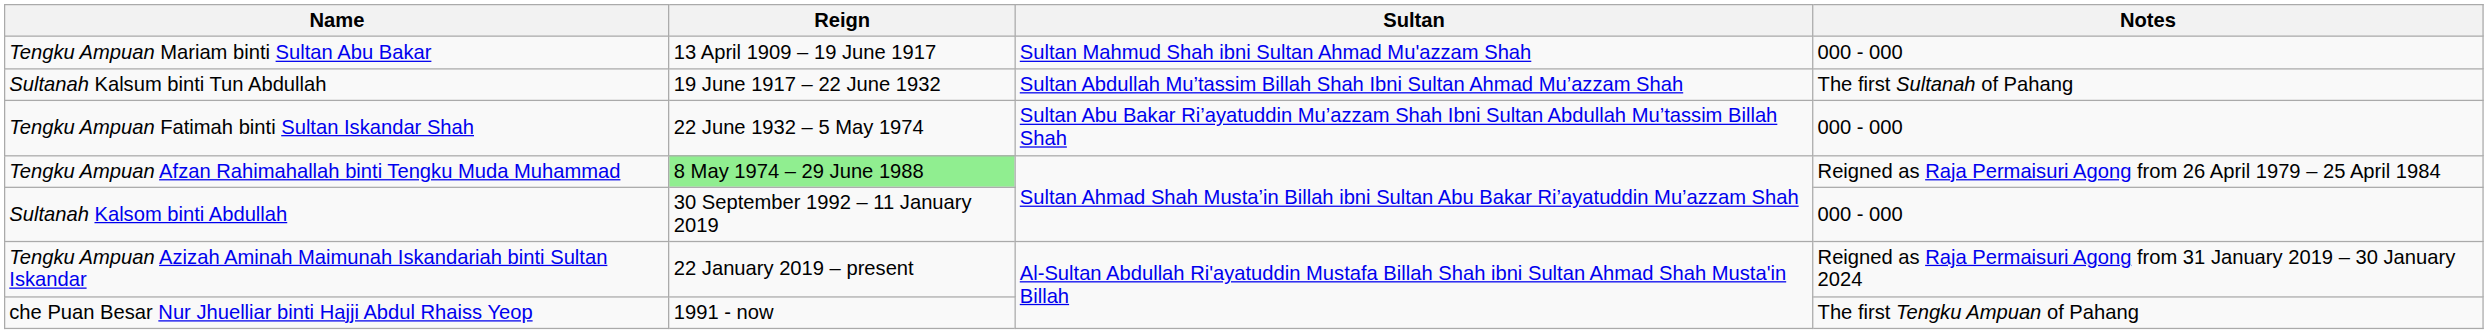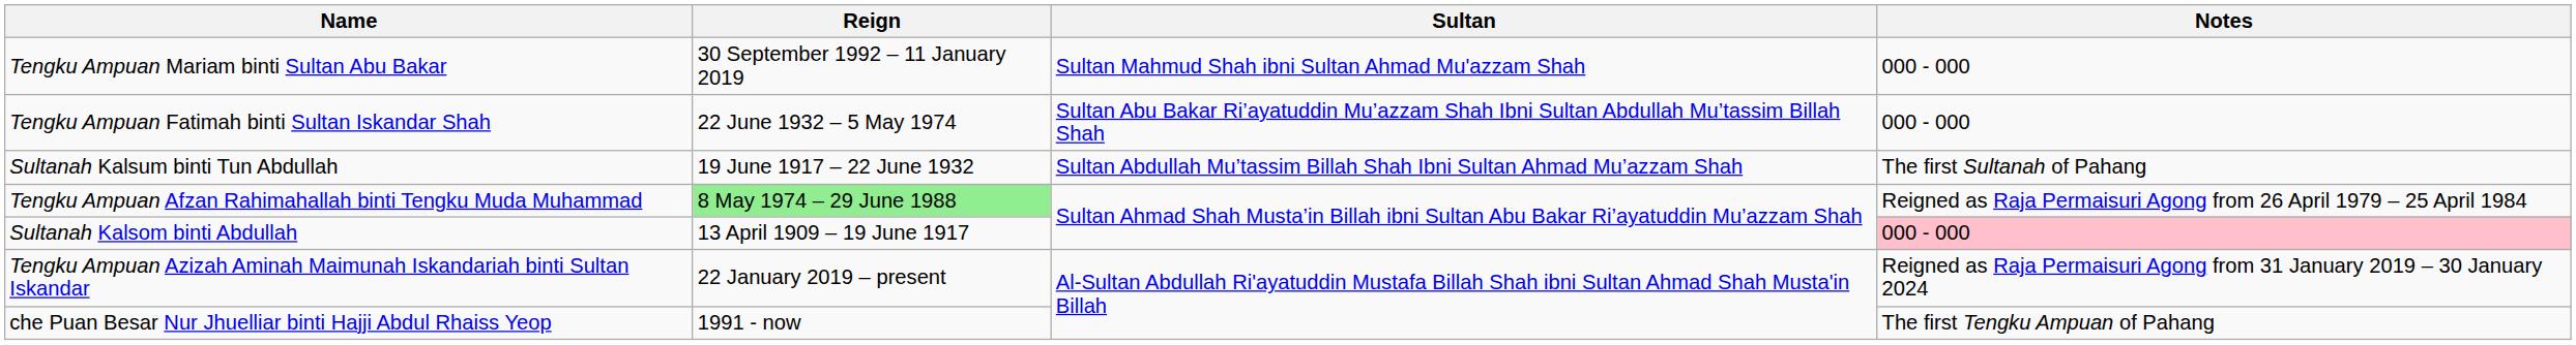 <table class="wikitable">
 <tr>
 <th>Name</th>
 <th>Reign</th>
 <th>Sultan</th>
 <th>Notes</th>
 </tr>
 <tr>
 <td><em>Tengku Ampuan</em> Mariam binti <a href='#'>Sultan Abu Bakar</a></td>
-<td>13 April 1909 – 19 June 1917</td>
+<td>30 September 1992 – 11 January 2019</td>
 <td><a href='#'>Sultan Mahmud Shah ibni Sultan Ahmad Mu'azzam Shah</a></td>
+<td>000 - 000</td>
+</tr>
+<tr>
+<td><em>Tengku Ampuan</em> Fatimah binti  <a href='#'>Sultan Iskandar Shah</a></td>
+<td>22 June 1932 – 5 May 1974</td>
+<td><a href='#'>Sultan Abu Bakar Ri’ayatuddin Mu’azzam Shah Ibni Sultan Abdullah Mu’tassim Billah Shah</a></td>
 <td>000 - 000</td>
 </tr>
 <tr>
 <td><em>Sultanah</em> Kalsum binti Tun Abdullah</td>
 <td>19 June 1917 – 22 June 1932</td>
 <td><a href='#'>Sultan Abdullah Mu’tassim Billah Shah Ibni Sultan Ahmad Mu’azzam Shah</a></td>
 <td>The first <em>Sultanah</em> of Pahang</td>
 </tr>
 <tr>
-<td><em>Tengku Ampuan</em> Fatimah binti  <a href='#'>Sultan Iskandar Shah</a></td>
-<td>22 June 1932 – 5 May 1974</td>
-<td><a href='#'>Sultan Abu Bakar Ri’ayatuddin Mu’azzam Shah Ibni Sultan Abdullah Mu’tassim Billah Shah</a></td>
-<td>000 - 000</td>
-</tr>
-<tr>
 <td><em>Tengku Ampuan</em> <a href='#'>Afzan Rahimahallah binti Tengku Muda Muhammad</a></td>
 <td style="background: lightgreen;">8 May 1974 – 29 June 1988</td>
 <td rowspan="2"><a href='#'>Sultan Ahmad Shah Musta’in Billah ibni Sultan Abu Bakar Ri’ayatuddin Mu’azzam Shah</a></td>
 <td>Reigned as <a href='#'>Raja Permaisuri Agong</a> from 26 April 1979 – 25 April 1984</td>
 </tr>
 <tr>
 <td><em>Sultanah</em> <a href='#'>Kalsom binti Abdullah</a></td>
-<td>30 September 1992 – 11 January 2019</td>
-<td>000 - 000</td>
+<td>13 April 1909 – 19 June 1917</td>
+<td style="background: pink;">000 - 000</td>
 </tr>
 <tr>
 <td><em>Tengku Ampuan</em> <a href='#'>Azizah Aminah Maimunah Iskandariah binti  Sultan Iskandar</a></td>
 <td>22 January 2019 – present</td>
 <td rowspan=2><a href='#'>Al-Sultan Abdullah Ri'ayatuddin Mustafa Billah Shah ibni Sultan Ahmad Shah Musta'in Billah</a></td>
 <td>Reigned as <a href='#'>Raja Permaisuri Agong</a> from 31 January 2019 – 30 January 2024</td>
 </tr>
 <tr>
 <td>che Puan Besar <a href='#'>Nur Jhuelliar binti Hajji Abdul Rhaiss Yeop</a></td>
 <td>1991 - now</td>
 <td>The first <em>Tengku Ampuan</em> of Pahang</td>
 </tr>
 </table>
